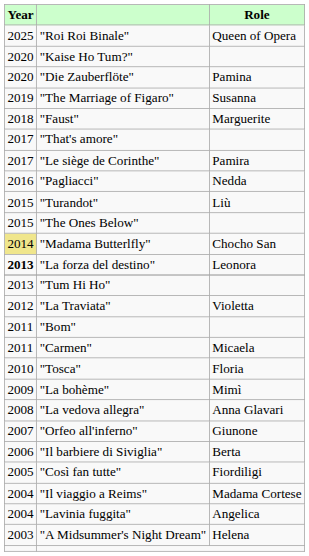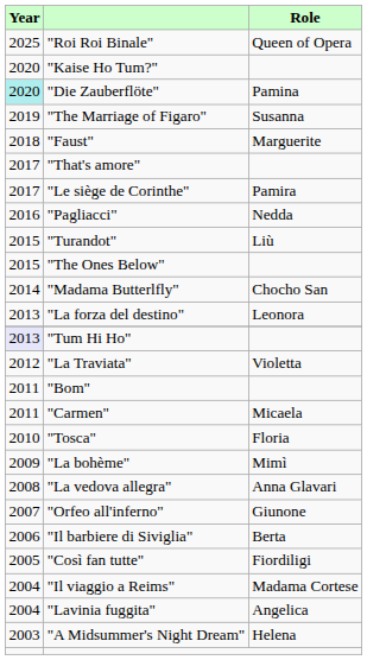 <table class="wikitable sortable">
 <tr style="background:#cfc; text-align:center;">
 <td><strong>Year</strong></td>
 <td></td>
 <td><strong>Role</strong></td>
 </tr>
 <tr>
 <td>2025</td>
 <td>"Roi Roi Binale"</td>
 <td>Queen of Opera</td>
 </tr>
 <tr>
 <td>2020</td>
 <td>"Kaise Ho Tum?"</td>
 <td></td>
 </tr>
 <tr>
-<td>2020</td>
+<td style="background: paleturquoise;">2020</td>
 <td>"Die Zauberflöte"</td>
 <td>Pamina</td>
 </tr>
 <tr>
 <td>2019</td>
 <td>"The Marriage of Figaro"</td>
 <td>Susanna</td>
 </tr>
 <tr>
 <td>2018</td>
 <td>"Faust"</td>
 <td>Marguerite</td>
 </tr>
 <tr>
 <td>2017</td>
 <td>"That's amore"</td>
 <td></td>
 </tr>
 <tr>
 <td>2017</td>
 <td>"Le siège de Corinthe"</td>
 <td>Pamira</td>
 </tr>
 <tr>
 <td>2016</td>
 <td>"Pagliacci"</td>
 <td>Nedda</td>
 </tr>
 <tr>
 <td>2015</td>
 <td>"Turandot"</td>
 <td>Liù</td>
 </tr>
 <tr>
 <td>2015</td>
 <td>"The Ones Below"</td>
 <td></td>
 </tr>
 <tr>
-<td style="background: khaki;">2014</td>
+<td>2014</td>
 <td>"Madama Butterlfly"</td>
 <td>Chocho San</td>
 </tr>
 <tr>
-<td><strong>2013</strong></td>
+<td>2013</td>
 <td>"La forza del destino"</td>
 <td>Leonora</td>
 </tr>
 <tr>
 </tr>
 <tr>
-<td>2013</td>
+<td style="background: lavender;">2013</td>
 <td>"Tum Hi Ho"</td>
 <td></td>
 </tr>
 <tr>
 <td>2012</td>
 <td>"La Traviata"</td>
 <td>Violetta</td>
 </tr>
 <tr>
 <td>2011</td>
 <td>"Bom"</td>
 <td></td>
 </tr>
 <tr>
 <td>2011</td>
 <td>"Carmen"</td>
 <td>Micaela</td>
 </tr>
 <tr>
 <td>2010</td>
 <td>"Tosca"</td>
 <td>Floria</td>
 </tr>
 <tr>
 <td>2009</td>
 <td>"La bohème"</td>
 <td>Mimì</td>
 </tr>
 <tr>
 <td>2008</td>
 <td>"La vedova allegra"</td>
 <td>Anna Glavari</td>
 </tr>
 <tr>
 <td>2007</td>
 <td>"Orfeo all'inferno"</td>
 <td>Giunone</td>
 </tr>
 <tr>
 <td>2006</td>
 <td>"Il barbiere di Siviglia"</td>
 <td>Berta</td>
 </tr>
 <tr>
 <td>2005</td>
 <td>"Così fan tutte"</td>
 <td>Fiordiligi</td>
 </tr>
 <tr>
 <td>2004</td>
 <td>"Il viaggio a Reims"</td>
 <td>Madama Cortese</td>
 </tr>
 <tr>
 <td>2004</td>
 <td>"Lavinia fuggita"</td>
 <td>Angelica</td>
 </tr>
 <tr>
 <td>2003</td>
 <td>"A Midsummer's Night Dream"</td>
 <td>Helena</td>
 </tr>
 <tr>
 <td></td>
 </tr>
 </table>
